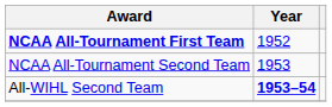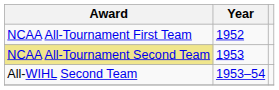 <table class="wikitable">
 <tr>
 <th>Award</th>
 <th>Year</th>
 <th></th>
 </tr>
 <tr>
-<td><strong><a href='#'>NCAA</a> <a href='#'>All-Tournament First Team</a></strong></td>
+<td><a href='#'>NCAA</a> <a href='#'>All-Tournament First Team</a></td>
 <td><a href='#'>1952</a></td>
 <td></td>
 </tr>
 <tr>
-<td><a href='#'>NCAA</a> <a href='#'>All-Tournament Second Team</a></td>
+<td style="background: khaki;"><a href='#'>NCAA</a> <a href='#'>All-Tournament Second Team</a></td>
 <td><a href='#'>1953</a></td>
 <td></td>
 </tr>
 <tr>
 <td>All-<a href='#'>WIHL</a> <a href='#'>Second Team</a></td>
-<td><strong><a href='#'>1953–54</a></strong></td>
+<td><a href='#'>1953–54</a></td>
 <td></td>
 </tr>
 <tr>
 </tr>
 </table>
